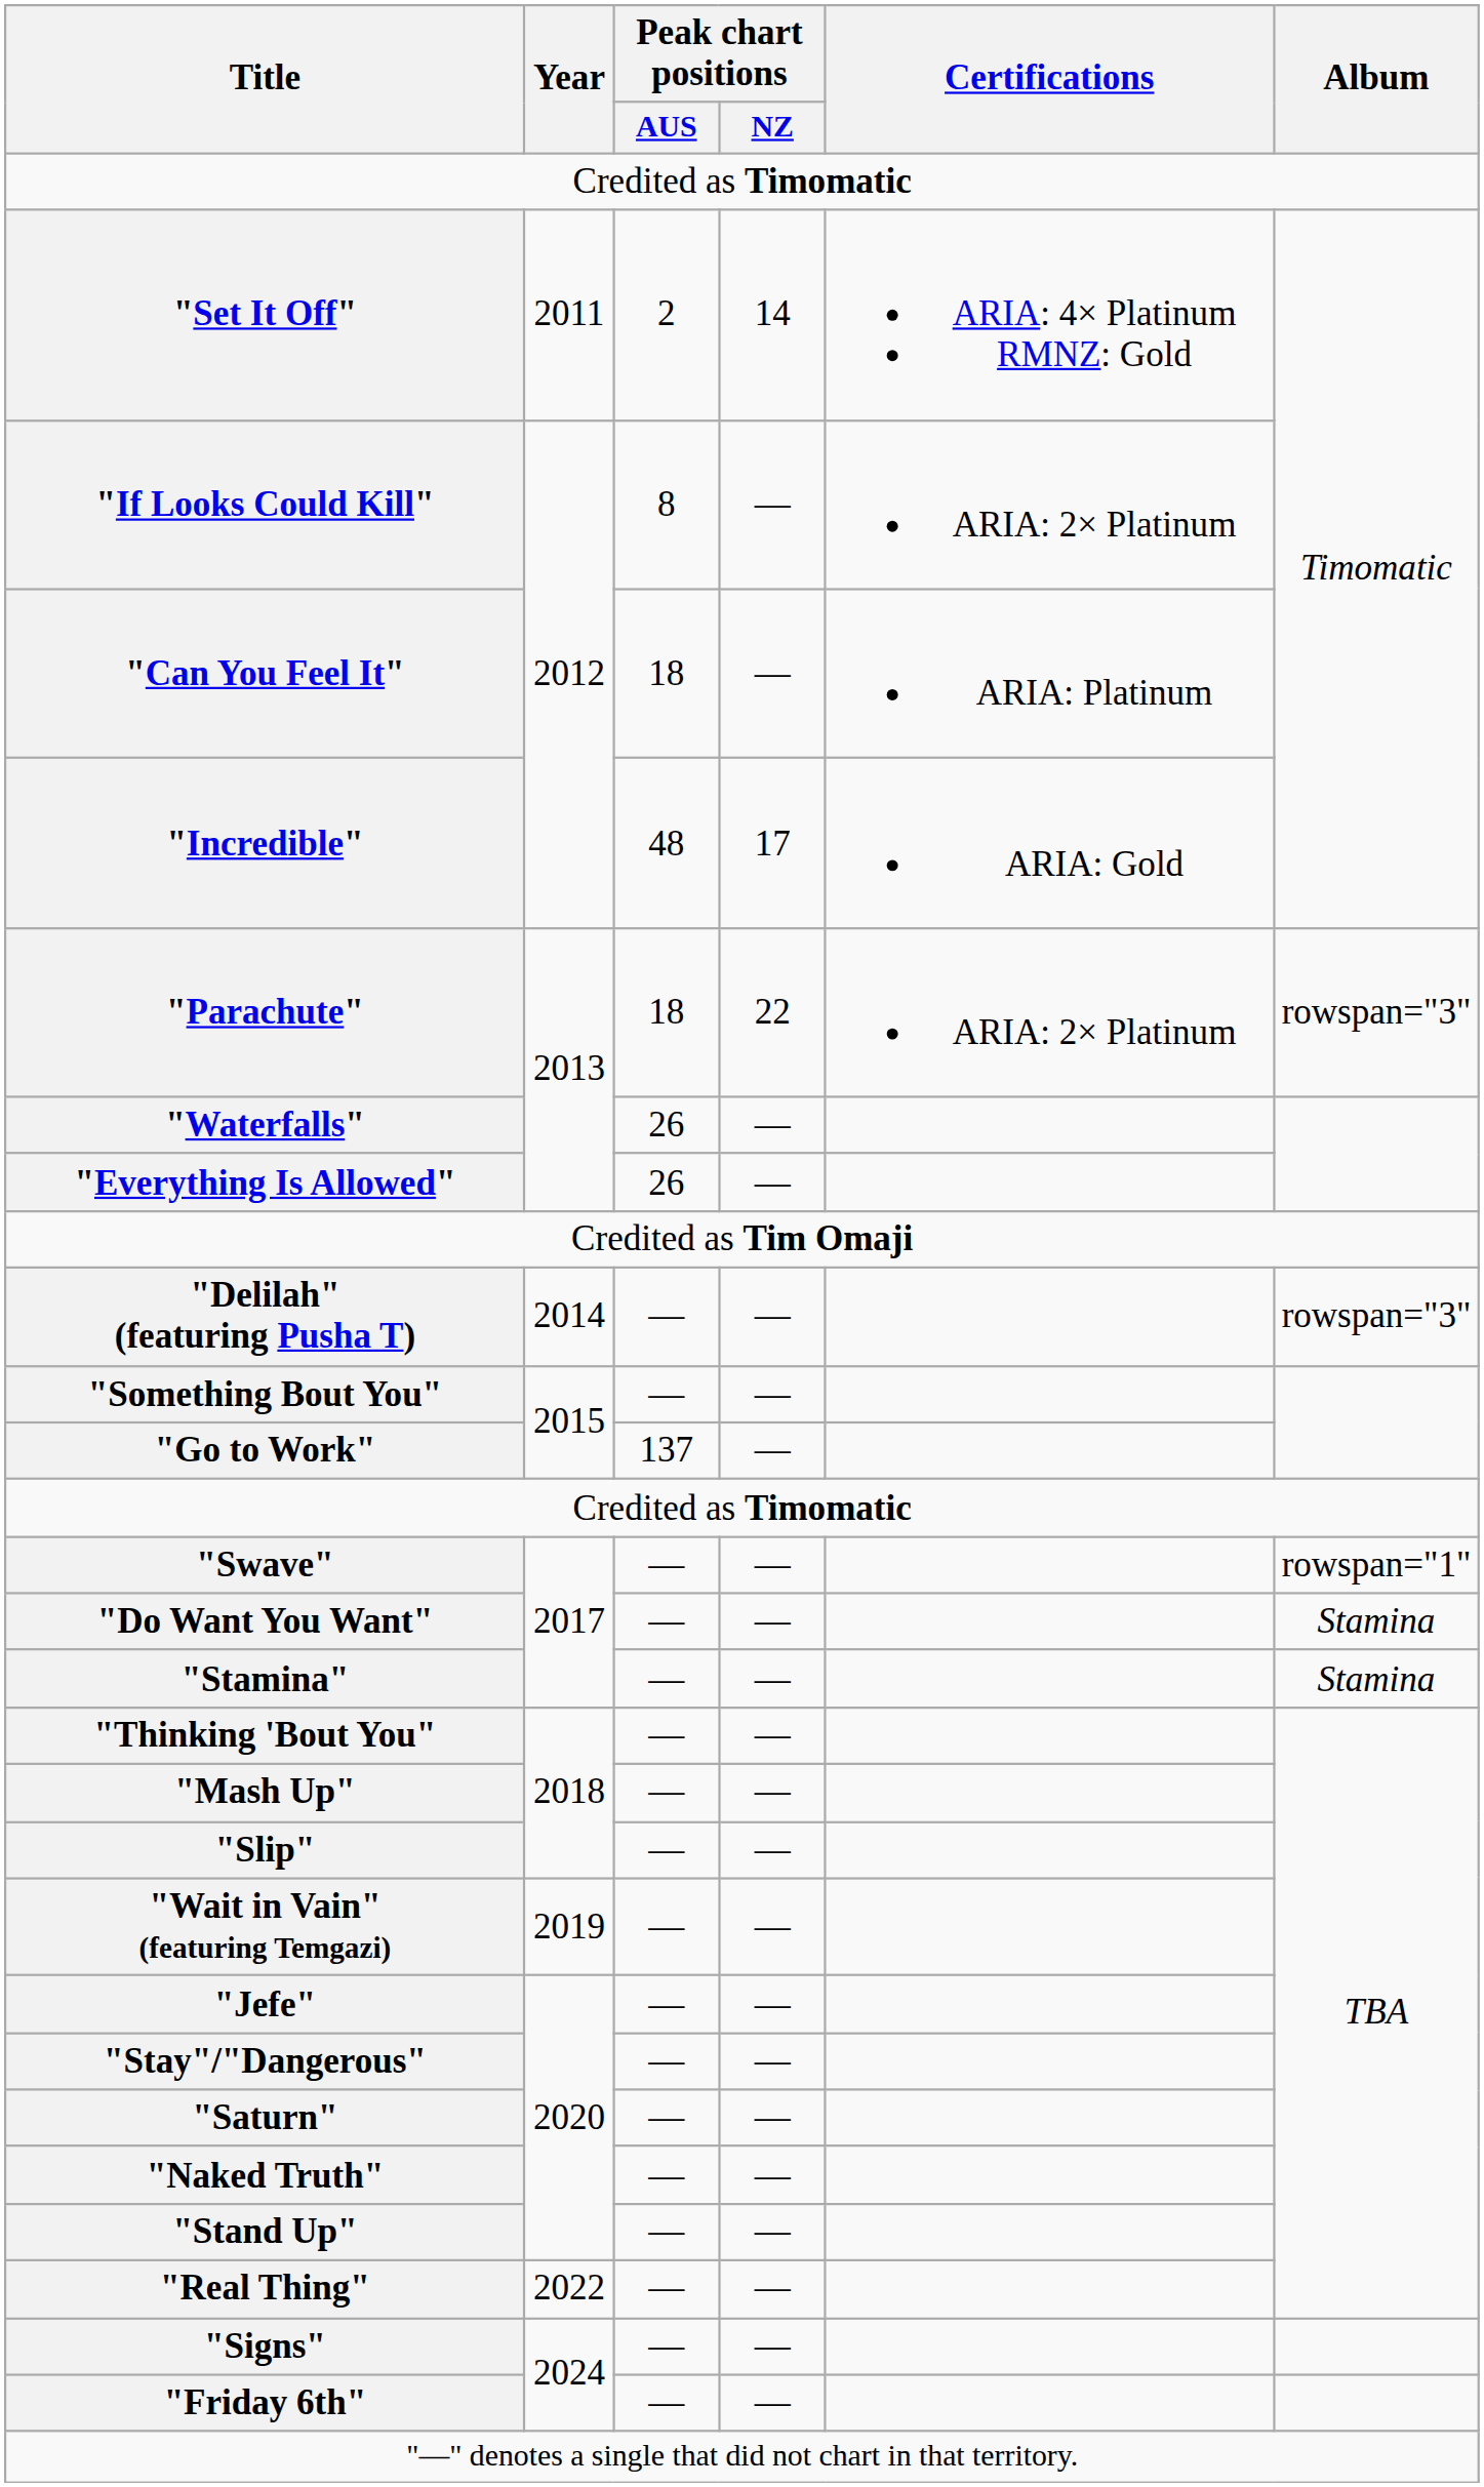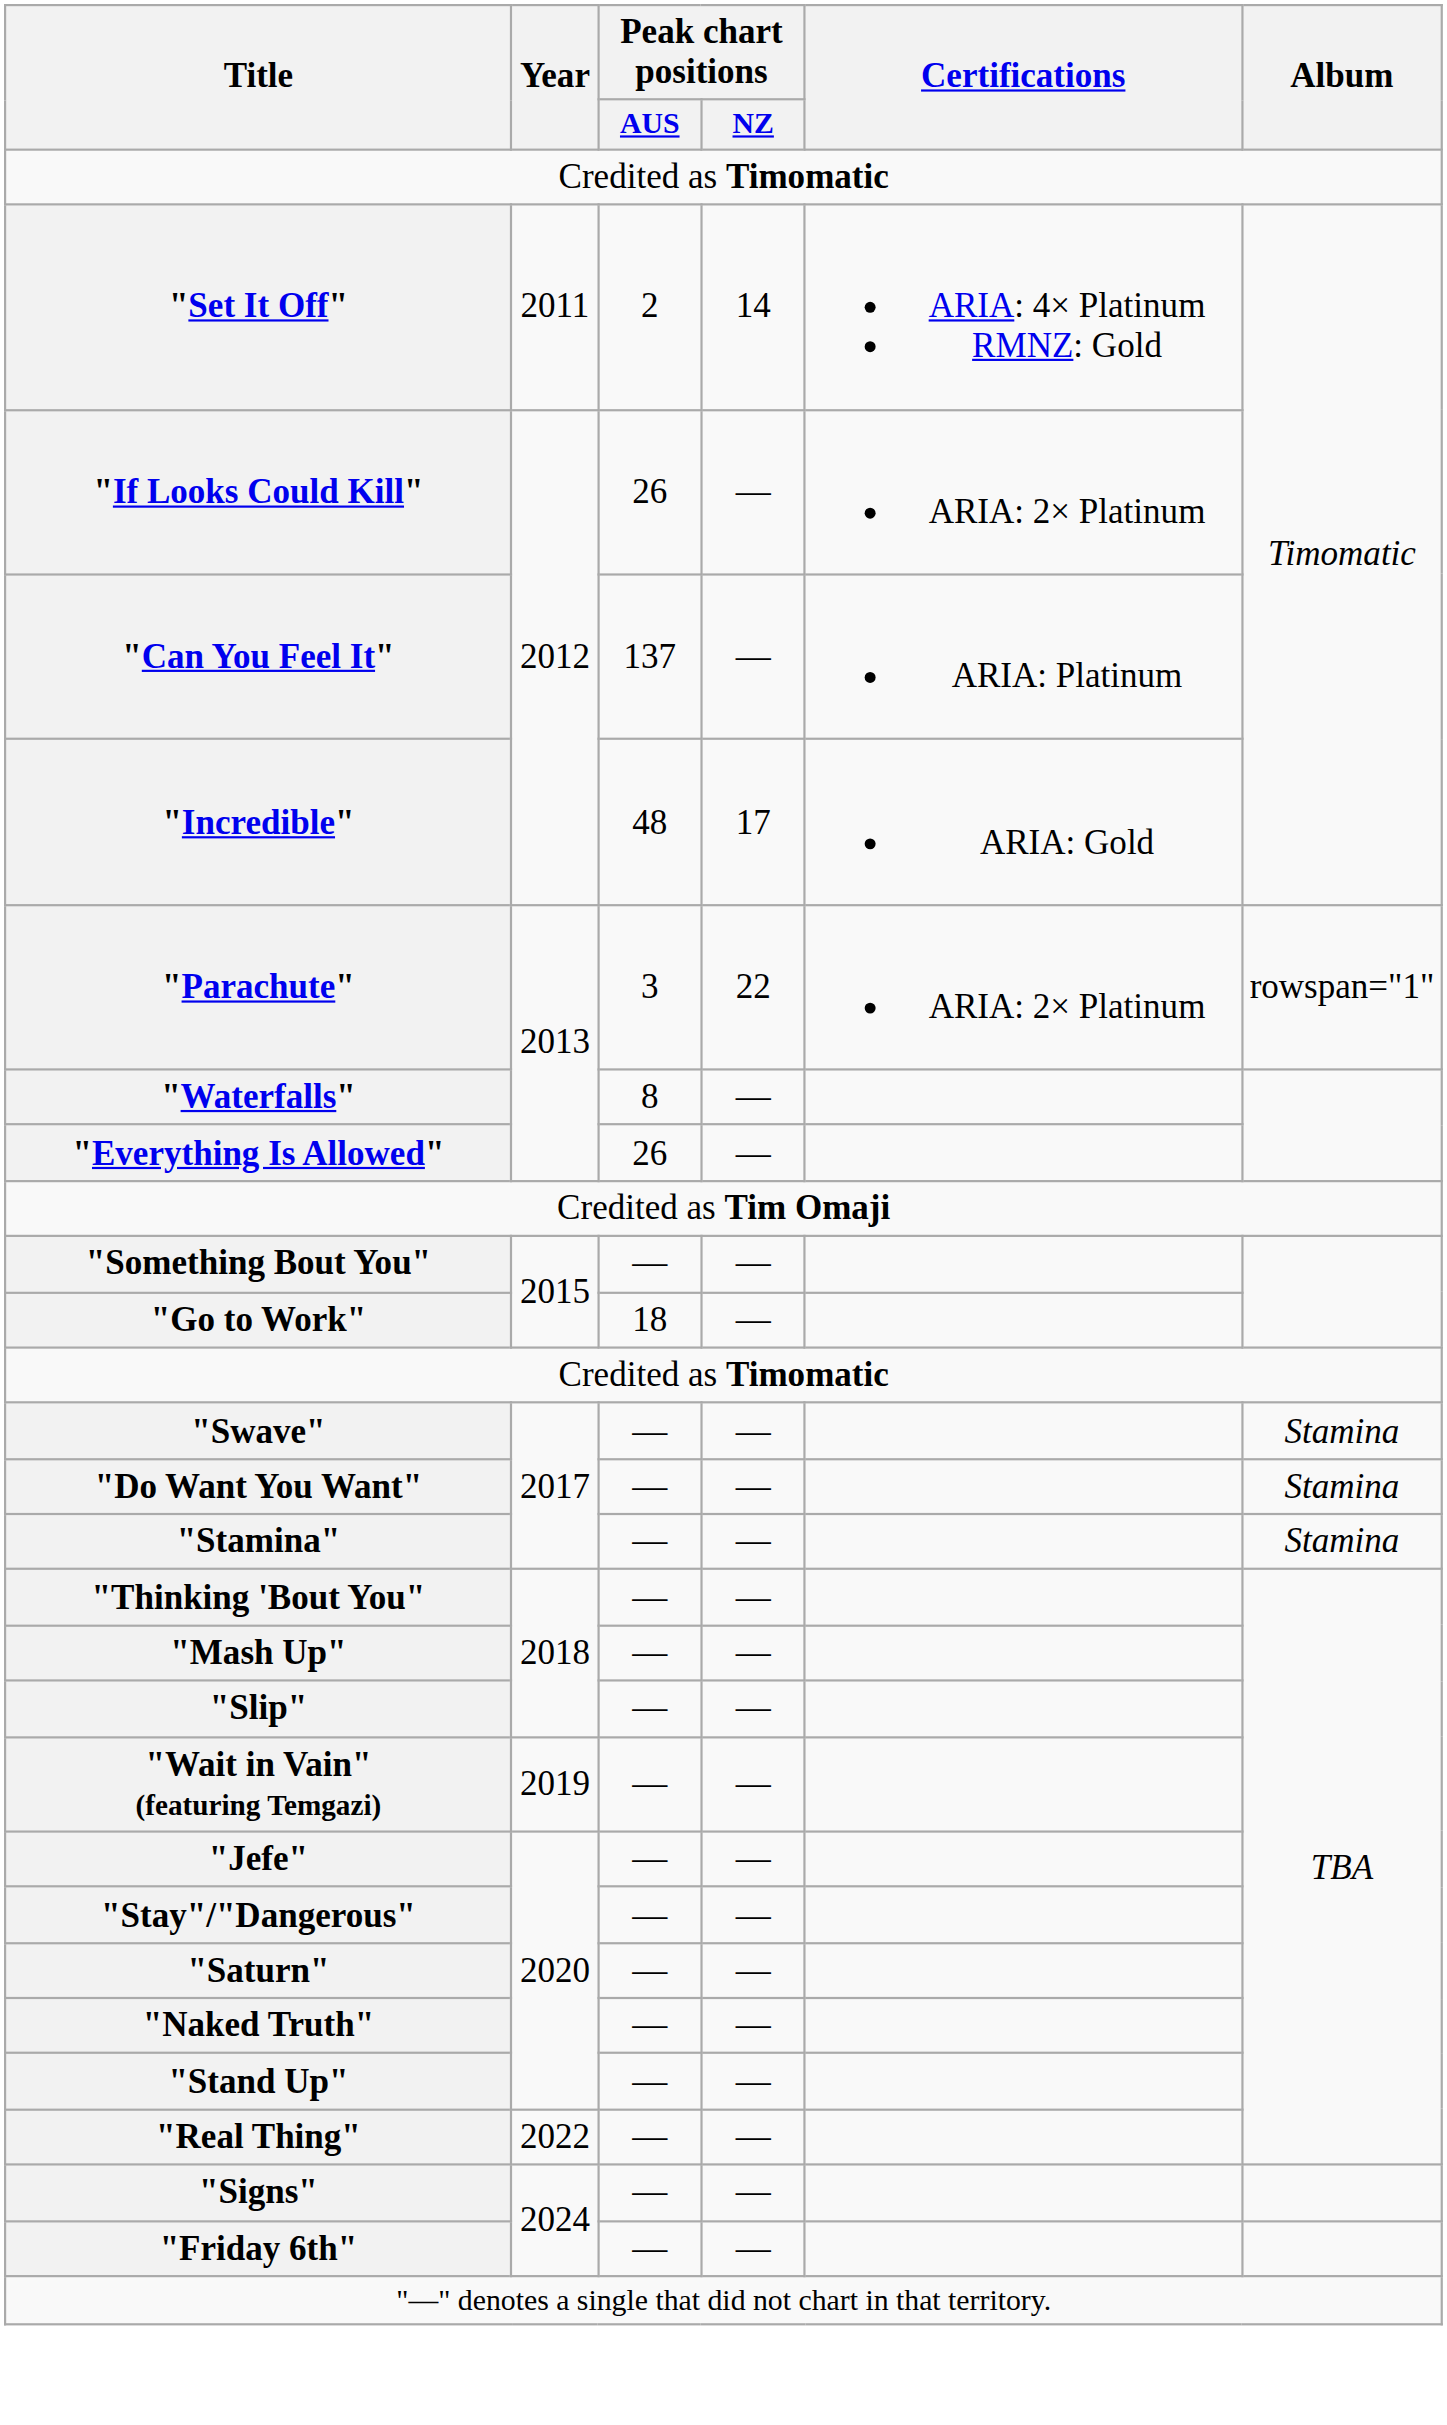 <table class="wikitable plainrowheaders" style="text-align:center;">
 <tr>
 <th scope="col" rowspan="2" style="width:14em;">Title</th>
 <th scope="col" rowspan="2" style="width:1em;">Year</th>
 <th scope="col" colspan="2">Peak chart positions</th>
 <th scope="col" rowspan="2" style="width:12em;"><a href='#'>Certifications</a></th>
 <th scope="col" rowspan="2">Album</th>
 </tr>
 <tr>
 <th scope="col" style="width:3em;font-size:85%;"><a href='#'>AUS</a><br></th>
 <th scope="col" style="width:3em;font-size:85%;"><a href='#'>NZ</a><br></th>
 </tr>
 <tr>
 <td colspan=6>Credited as <strong>Timomatic</strong></td>
 </tr>
 <tr>
 <th scope="row">"<a href='#'>Set It Off</a>"</th>
 <td>2011</td>
 <td>2</td>
 <td>14</td>
 <td><br><ul><li><a href='#'>ARIA</a>: 4× Platinum</li><li><a href='#'>RMNZ</a>: Gold</li></ul></td>
 <td rowspan="4"><em>Timomatic</em></td>
 </tr>
 <tr>
 <th scope="row">"<a href='#'>If Looks Could Kill</a>"</th>
 <td rowspan="3">2012</td>
-<td>8</td>
+<td>26</td>
 <td>—</td>
 <td><br><ul><li>ARIA: 2× Platinum</li></ul></td>
 </tr>
 <tr>
 <th scope="row">"<a href='#'>Can You Feel It</a>"</th>
-<td>18</td>
+<td>137</td>
 <td>—</td>
 <td><br><ul><li>ARIA: Platinum</li></ul></td>
 </tr>
 <tr>
 <th scope="row">"<a href='#'>Incredible</a>"</th>
 <td>48</td>
 <td>17</td>
 <td><br><ul><li>ARIA: Gold</li></ul></td>
 </tr>
 <tr>
 <th scope="row">"<a href='#'>Parachute</a>"</th>
 <td rowspan="3">2013</td>
-<td>18</td>
+<td>3</td>
 <td>22</td>
 <td><br><ul><li>ARIA: 2× Platinum</li></ul></td>
-<td>rowspan="3" </td>
+<td>rowspan="1" </td>
 </tr>
 <tr>
 <th scope="row">"<a href='#'>Waterfalls</a>"</th>
-<td>26</td>
+<td>8</td>
 <td>—</td>
 <td></td>
 </tr>
 <tr>
 <th scope="row">"<a href='#'>Everything Is Allowed</a>"</th>
 <td>26</td>
 <td>—</td>
 <td></td>
 </tr>
 <tr>
 <td colspan=6>Credited as <strong>Tim Omaji</strong></td>
 </tr>
 <tr>
-<th scope="row">"Delilah"<br><span>(featuring <a href='#'>Pusha T</a>)</span></th>
-<td>2014</td>
-<td>—</td>
-<td>—</td>
-<td></td>
-<td>rowspan="3" </td>
-</tr>
-<tr>
 <th scope="row">"Something Bout You"</th>
 <td rowspan="2">2015</td>
 <td>—</td>
 <td>—</td>
 <td></td>
 </tr>
 <tr>
 <th scope="row">"Go to Work"</th>
-<td>137</td>
+<td>18</td>
 <td>—</td>
 <td></td>
 </tr>
 <tr>
 <td colspan=6>Credited as <strong>Timomatic</strong></td>
 </tr>
 <tr>
 <th scope="row">"Swave"</th>
 <td rowspan="3">2017</td>
 <td>—</td>
 <td>—</td>
 <td></td>
-<td>rowspan="1" </td>
+<td><em>Stamina</em></td>
 </tr>
 <tr>
 <th scope="row">"Do Want You Want"</th>
 <td>—</td>
 <td>—</td>
 <td></td>
 <td><em>Stamina</em></td>
 </tr>
 <tr>
 <th scope="row">"Stamina"</th>
 <td>—</td>
 <td>—</td>
 <td></td>
 <td><em>Stamina</em></td>
 </tr>
 <tr>
 <th scope="row">"Thinking 'Bout You"</th>
 <td rowspan="3">2018</td>
 <td>—</td>
 <td>—</td>
 <td></td>
 <td rowspan="10"><em>TBA</em></td>
 </tr>
 <tr>
 <th scope="row">"Mash Up"</th>
 <td>—</td>
 <td>—</td>
 <td></td>
 </tr>
 <tr>
 <th scope="row">"Slip"</th>
 <td>—</td>
 <td>—</td>
 <td></td>
 </tr>
 <tr>
 <th scope="row">"Wait in Vain" <br><small>(featuring Temgazi)</small></th>
 <td>2019</td>
 <td>—</td>
 <td>—</td>
 <td></td>
 </tr>
 <tr>
 <th scope="row">"Jefe" <br></th>
 <td rowspan="5">2020</td>
 <td>—</td>
 <td>—</td>
 <td></td>
 </tr>
 <tr>
 <th scope="row">"Stay"/"Dangerous"</th>
 <td>—</td>
 <td>—</td>
 <td></td>
 </tr>
 <tr>
 <th scope="row">"Saturn"</th>
 <td>—</td>
 <td>—</td>
 <td></td>
 </tr>
 <tr>
 <th scope="row">"Naked Truth"</th>
 <td>—</td>
 <td>—</td>
 <td></td>
 </tr>
 <tr>
 <th scope="row">"Stand Up" <br></th>
 <td>—</td>
 <td>—</td>
 <td></td>
 </tr>
 <tr>
 <th scope="row">"Real Thing" <br></th>
 <td>2022</td>
 <td>—</td>
 <td>—</td>
 <td></td>
 </tr>
 <tr>
 <th scope="row">"Signs"</th>
 <td rowspan="2">2024</td>
 <td>—</td>
 <td>—</td>
 <td></td>
 <td></td>
 </tr>
 <tr>
 <th scope="row">"Friday 6th"</th>
 <td>—</td>
 <td>—</td>
 <td></td>
 <td></td>
 </tr>
 <tr>
 <td colspan="6" style="font-size:85%">"—" denotes a single that did not chart in that territory.</td>
 </tr>
 </table>
